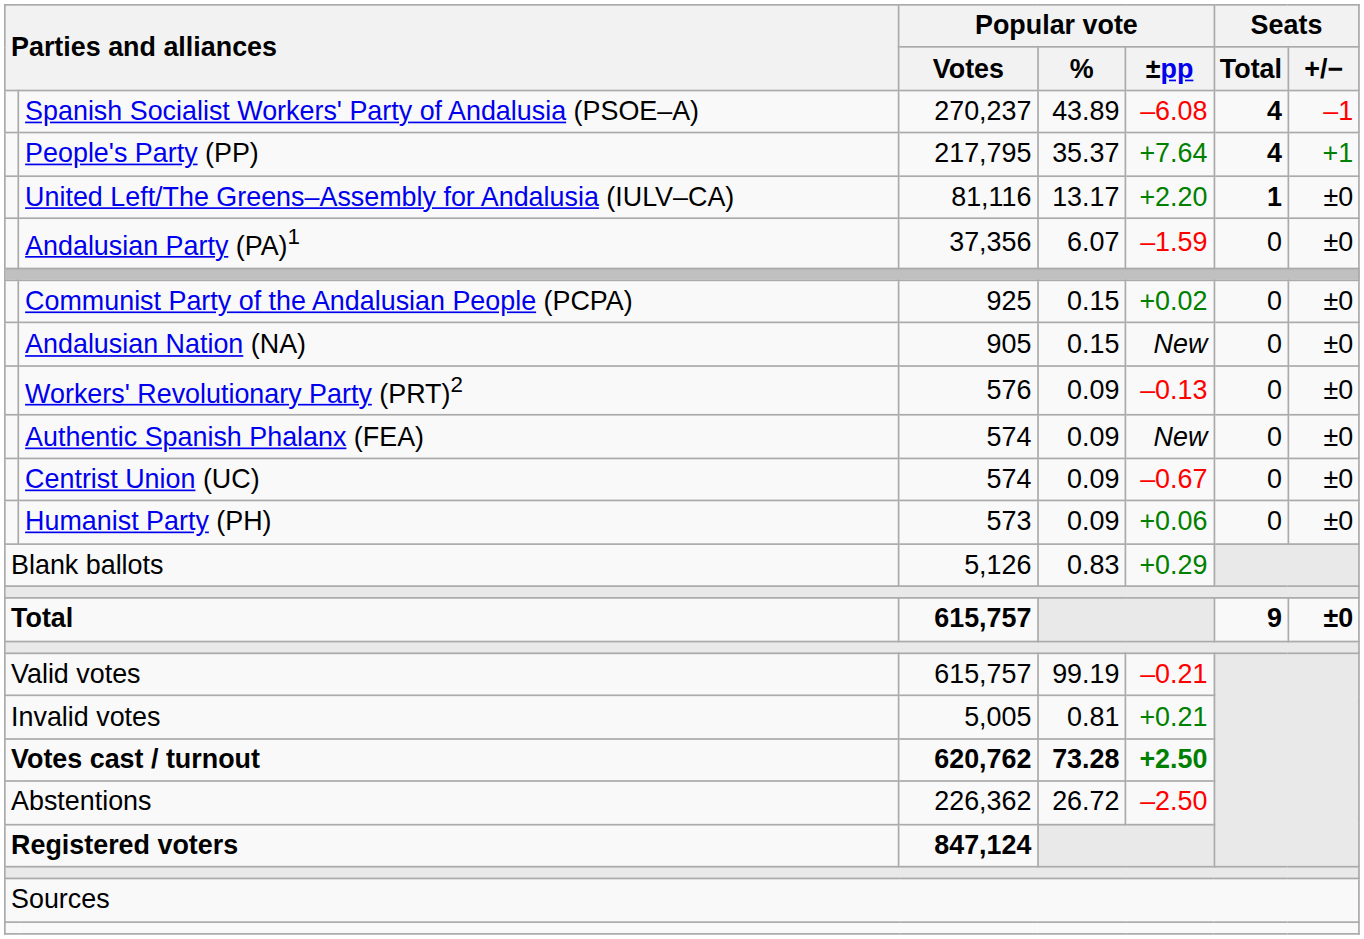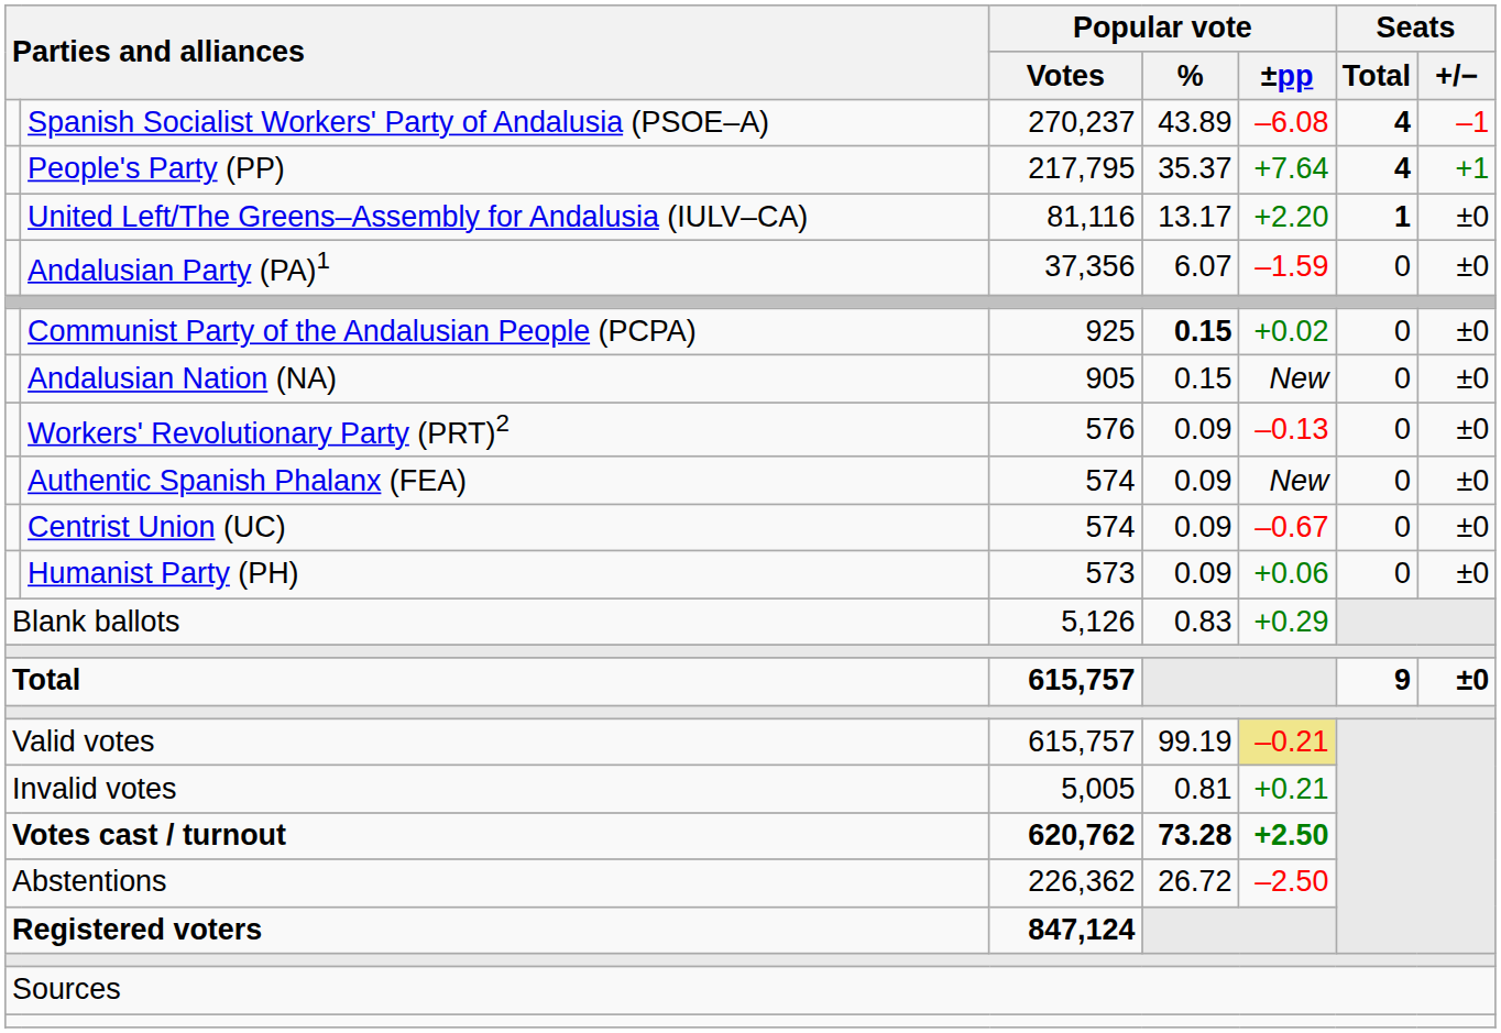 <table class="wikitable" style="text-align:right;">
 <tr>
 <th style="text-align:left;" rowspan="2" colspan="2" width="525">Parties and alliances</th>
 <th colspan="3">Popular vote</th>
 <th colspan="2">Seats</th>
 </tr>
 <tr>
 <th width="75">Votes</th>
 <th width="45">%</th>
 <th width="45">±<a href='#'>pp</a></th>
 <th width="35">Total</th>
 <th width="35">+/−</th>
 </tr>
 <tr>
 <td width="1" style="color:inherit;background:"></td>
 <td align="left"><a href='#'>Spanish Socialist Workers' Party of Andalusia</a> (PSOE–A)</td>
 <td>270,237</td>
 <td>43.89</td>
 <td style="color:red;">–6.08</td>
 <td><strong>4</strong></td>
 <td style="color:red;">–1</td>
 </tr>
 <tr>
 <td style="color:inherit;background:"></td>
 <td align="left"><a href='#'>People's Party</a> (PP)</td>
 <td>217,795</td>
 <td>35.37</td>
 <td style="color:green;">+7.64</td>
 <td><strong>4</strong></td>
 <td style="color:green;">+1</td>
 </tr>
 <tr>
 <td style="color:inherit;background:"></td>
 <td align="left"><a href='#'>United Left/The Greens–Assembly for Andalusia</a> (IULV–CA)</td>
 <td>81,116</td>
 <td>13.17</td>
 <td style="color:green;">+2.20</td>
 <td><strong>1</strong></td>
 <td>±0</td>
 </tr>
 <tr>
 <td style="color:inherit;background:"></td>
 <td align="left"><a href='#'>Andalusian Party</a> (PA)<sup>1</sup></td>
 <td>37,356</td>
 <td>6.07</td>
 <td style="color:red;">–1.59</td>
 <td>0</td>
 <td>±0</td>
 </tr>
 <tr>
 <td colspan="7" bgcolor="#C0C0C0"></td>
 </tr>
 <tr>
 <td style="color:inherit;background:"></td>
 <td align="left"><a href='#'>Communist Party of the Andalusian People</a> (PCPA)</td>
 <td>925</td>
-<td>0.15</td>
+<td><strong>0.15</strong></td>
 <td style="color:green;">+0.02</td>
 <td>0</td>
 <td>±0</td>
 </tr>
 <tr>
 <td style="color:inherit;background:"></td>
 <td align="left"><a href='#'>Andalusian Nation</a> (NA)</td>
 <td>905</td>
 <td>0.15</td>
 <td><em>New</em></td>
 <td>0</td>
 <td>±0</td>
 </tr>
 <tr>
 <td style="color:inherit;background:"></td>
 <td align="left"><a href='#'>Workers' Revolutionary Party</a> (PRT)<sup>2</sup></td>
 <td>576</td>
 <td>0.09</td>
 <td style="color:red;">–0.13</td>
 <td>0</td>
 <td>±0</td>
 </tr>
 <tr>
 <td style="color:inherit;background:"></td>
 <td align="left"><a href='#'>Authentic Spanish Phalanx</a> (FEA)</td>
 <td>574</td>
 <td>0.09</td>
 <td><em>New</em></td>
 <td>0</td>
 <td>±0</td>
 </tr>
 <tr>
 <td style="color:inherit;background:"></td>
 <td align="left"><a href='#'>Centrist Union</a> (UC)</td>
 <td>574</td>
 <td>0.09</td>
 <td style="color:red;">–0.67</td>
 <td>0</td>
 <td>±0</td>
 </tr>
 <tr>
 <td style="color:inherit;background:"></td>
 <td align="left"><a href='#'>Humanist Party</a> (PH)</td>
 <td>573</td>
 <td>0.09</td>
 <td style="color:green;">+0.06</td>
 <td>0</td>
 <td>±0</td>
 </tr>
 <tr>
 <td align="left" colspan="2">Blank ballots</td>
 <td>5,126</td>
 <td>0.83</td>
 <td style="color:green;">+0.29</td>
 <td bgcolor="#E9E9E9" colspan="2"></td>
 </tr>
 <tr>
 <td colspan="7" bgcolor="#E9E9E9"></td>
 </tr>
 <tr style="font-weight:bold;">
 <td align="left" colspan="2">Total</td>
 <td>615,757</td>
 <td bgcolor="#E9E9E9" colspan="2"></td>
 <td>9</td>
 <td>±0</td>
 </tr>
 <tr>
 <td colspan="7" bgcolor="#E9E9E9"></td>
 </tr>
 <tr>
 <td align="left" colspan="2">Valid votes</td>
 <td>615,757</td>
 <td>99.19</td>
-<td style="color:red;">–0.21</td>
+<td style="background: khaki; color:red;">–0.21</td>
 <td bgcolor="#E9E9E9" colspan="2" rowspan="5"></td>
 </tr>
 <tr>
 <td align="left" colspan="2">Invalid votes</td>
 <td>5,005</td>
 <td>0.81</td>
 <td style="color:green;">+0.21</td>
 </tr>
 <tr style="font-weight:bold;">
 <td align="left" colspan="2">Votes cast / turnout</td>
 <td>620,762</td>
 <td>73.28</td>
 <td style="color:green;">+2.50</td>
 </tr>
 <tr>
 <td align="left" colspan="2">Abstentions</td>
 <td>226,362</td>
 <td>26.72</td>
 <td style="color:red;">–2.50</td>
 </tr>
 <tr style="font-weight:bold;">
 <td align="left" colspan="2">Registered voters</td>
 <td>847,124</td>
 <td bgcolor="#E9E9E9" colspan="2"></td>
 </tr>
 <tr>
 <td colspan="7" bgcolor="#E9E9E9"></td>
 </tr>
 <tr>
 <td align="left" colspan="7">Sources</td>
 </tr>
 <tr>
 <td colspan="7" style="text-align:left; max-width:790px;"></td>
 </tr>
 </table>
